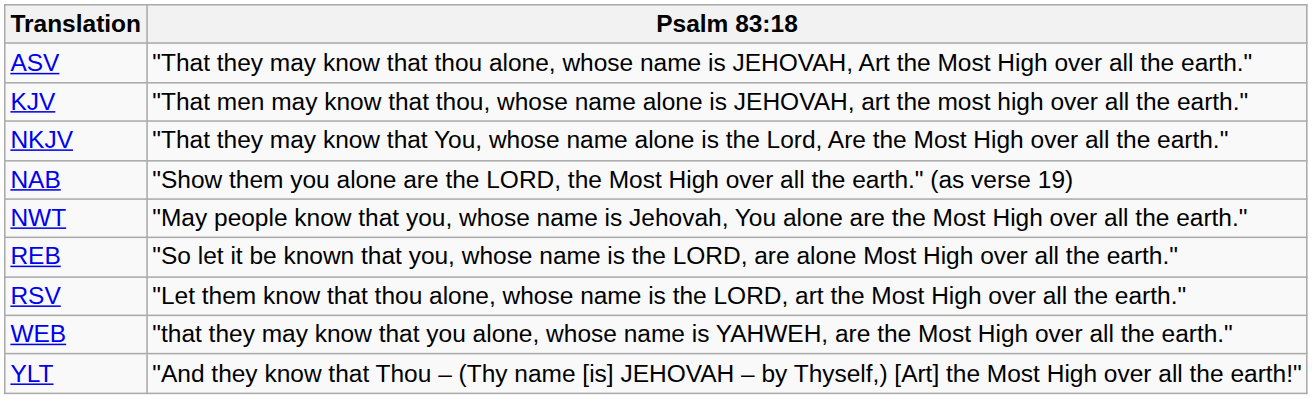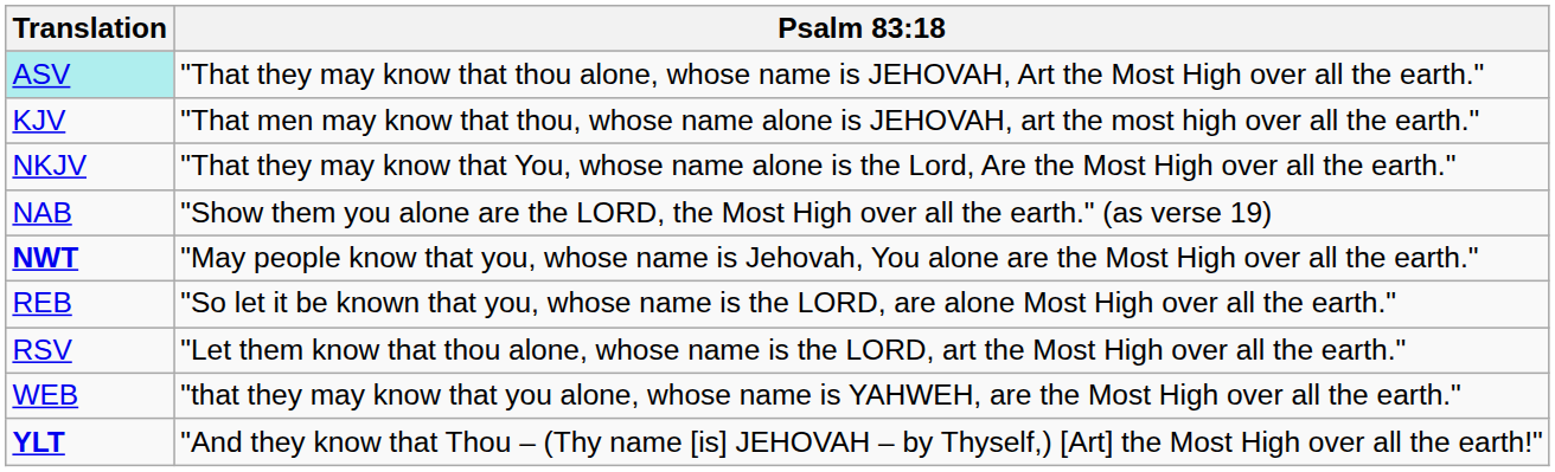 <table class="wikitable">
 <tr>
 <th>Translation</th>
 <th>Psalm 83:18</th>
 </tr>
 <tr>
-<td><a href='#'>ASV</a></td>
+<td style="background: paleturquoise;"><a href='#'>ASV</a></td>
 <td>"That they may know that thou alone, whose name is JEHOVAH, Art the Most High over all the earth."</td>
 </tr>
 <tr>
 <td><a href='#'>KJV</a></td>
 <td>"That men may know that thou, whose name alone is JEHOVAH, art the most high over all the earth."</td>
 </tr>
 <tr>
 <td><a href='#'>NKJV</a></td>
 <td>"That they may know that You, whose name alone is the Lord, Are the Most High over all the earth."</td>
 </tr>
 <tr>
 <td><a href='#'>NAB</a></td>
 <td>"Show them you alone are the LORD, the Most High over all the earth." (as verse 19)</td>
 </tr>
 <tr>
-<td><a href='#'>NWT</a></td>
+<td><strong><a href='#'>NWT</a></strong></td>
 <td>"May people know that you, whose name is Jehovah, You alone are the Most High over all the earth."</td>
 </tr>
 <tr>
 <td><a href='#'>REB</a></td>
 <td>"So let it be known that you, whose name is the LORD, are alone Most High over all the earth."</td>
 </tr>
 <tr>
 <td><a href='#'>RSV</a></td>
 <td>"Let them know that thou alone, whose name is the LORD, art the Most High over all the earth."</td>
 </tr>
 <tr>
 <td><a href='#'>WEB</a></td>
 <td>"that they may know that you alone, whose name is YAHWEH, are the Most High over all the earth."</td>
 </tr>
 <tr>
-<td><a href='#'>YLT</a></td>
+<td><strong><a href='#'>YLT</a></strong></td>
 <td>"And they know that Thou – (Thy name [is] JEHOVAH – by Thyself,) [Art] the Most High over all the earth!"</td>
 </tr>
 </table>
